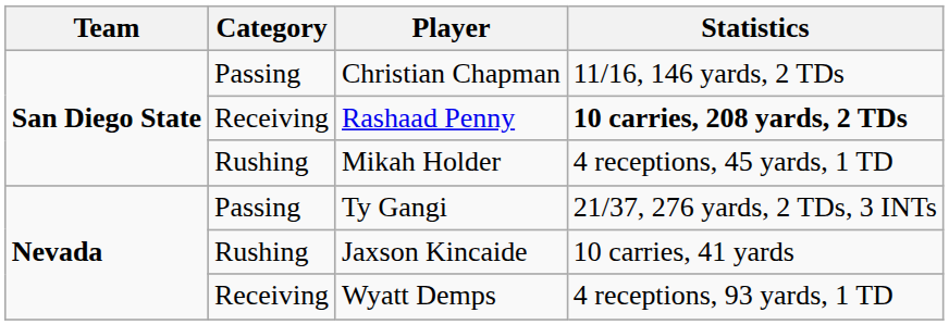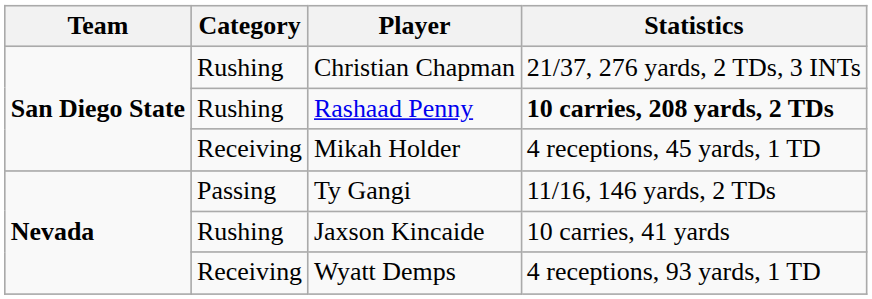 <table class="wikitable" style="float: left;">
 <tr>
 <th>Team</th>
 <th>Category</th>
 <th>Player</th>
 <th>Statistics</th>
 </tr>
 <tr>
 <td rowspan=3><strong>San Diego State</strong></td>
-<td>Passing</td>
+<td>Rushing</td>
 <td>Christian Chapman</td>
-<td>11/16, 146 yards, 2 TDs</td>
+<td>21/37, 276 yards, 2 TDs, 3 INTs</td>
 </tr>
 <tr>
-<td>Receiving</td>
+<td>Rushing</td>
 <td><a href='#'>Rashaad Penny</a></td>
 <td><strong>10 carries, 208 yards, 2 TDs</strong></td>
 </tr>
 <tr>
-<td>Rushing</td>
+<td>Receiving</td>
 <td>Mikah Holder</td>
 <td>4 receptions, 45 yards, 1 TD</td>
 </tr>
 <tr>
 <td rowspan=3><strong>Nevada</strong></td>
 <td>Passing</td>
 <td>Ty Gangi</td>
-<td>21/37, 276 yards, 2 TDs, 3 INTs</td>
+<td>11/16, 146 yards, 2 TDs</td>
 </tr>
 <tr>
 <td>Rushing</td>
 <td>Jaxson Kincaide</td>
 <td>10 carries, 41 yards</td>
 </tr>
 <tr>
 <td>Receiving</td>
 <td>Wyatt Demps</td>
 <td>4 receptions, 93 yards, 1 TD</td>
 </tr>
 </table>
